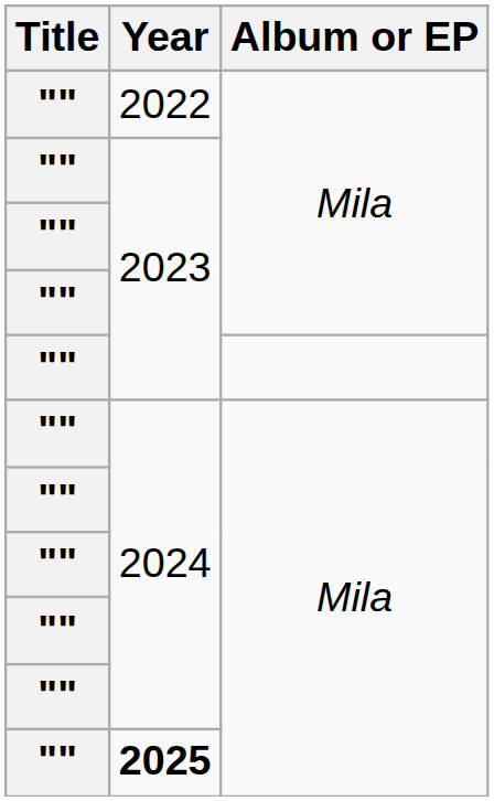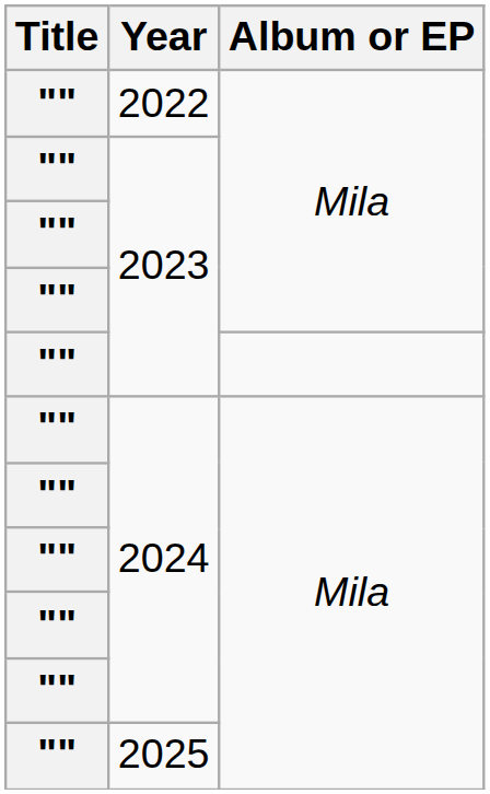 <table class="wikitable plainrowheaders" style="text-align:center;">
 <tr>
 <th>Title</th>
 <th>Year</th>
 <th>Album or EP</th>
 </tr>
 <tr>
 <th scope="row">""</th>
 <td>2022</td>
 <td rowspan="4"><em>Mila</em></td>
 </tr>
 <tr>
 <th scope="row">""</th>
 <td rowspan="4">2023</td>
 </tr>
 <tr>
 <th scope="row">""</th>
 </tr>
 <tr>
 <th scope="row">""<br></th>
 </tr>
 <tr>
 <th scope="row">""<br></th>
 <td></td>
 </tr>
 <tr>
 <th scope="row">""</th>
 <td rowspan="5">2024</td>
 <td rowspan="6"><em>Mila</em></td>
 </tr>
 <tr>
 <th scope="row">""</th>
 </tr>
 <tr>
 <th scope="row">""</th>
 </tr>
 <tr>
 <th scope="row">""</th>
 </tr>
 <tr>
 <th scope="row">""<br></th>
 </tr>
 <tr>
 <th scope="row">""</th>
-<td><strong>2025</strong></td>
+<td>2025</td>
 </tr>
 </table>
